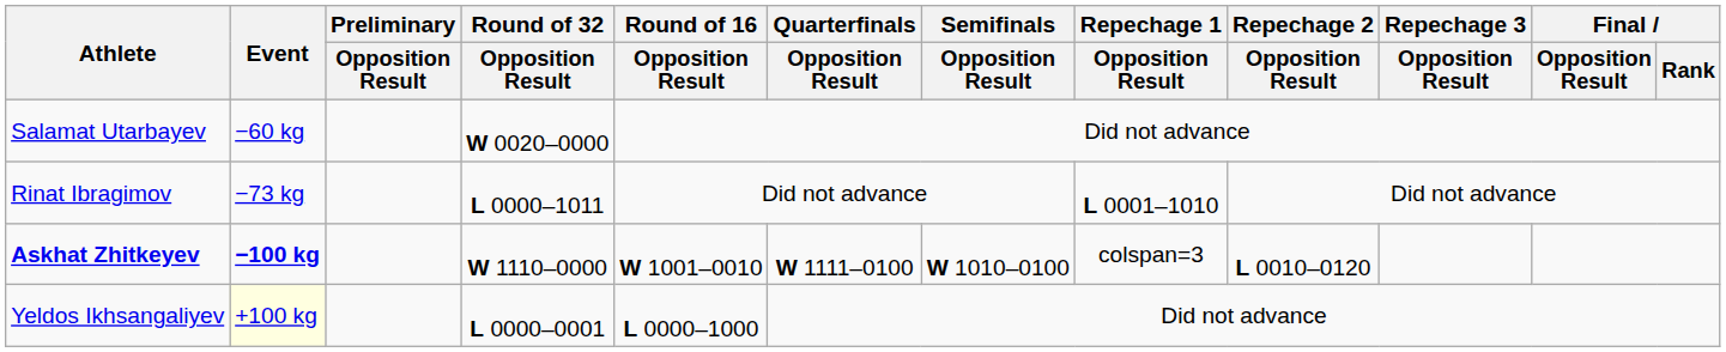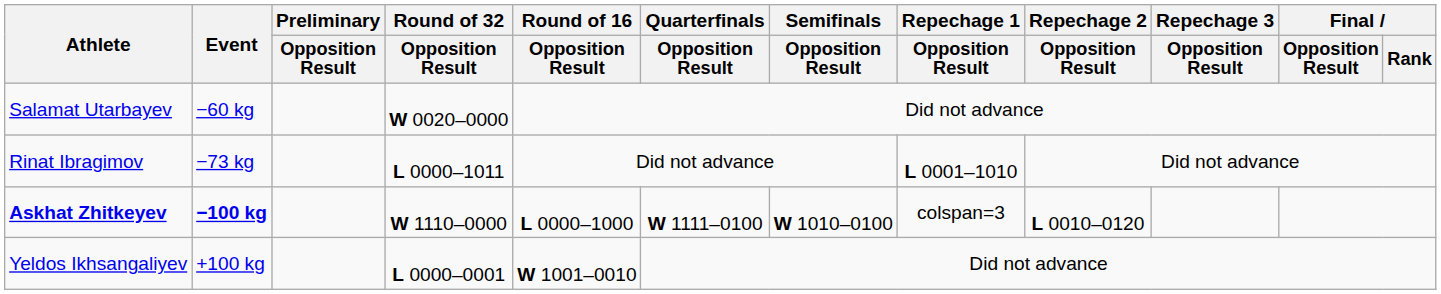 <table class="wikitable" style="font-size:90%">
 <tr>
 <th rowspan="2">Athlete</th>
 <th rowspan="2">Event</th>
 <th>Preliminary</th>
 <th>Round of 32</th>
 <th>Round of 16</th>
 <th>Quarterfinals</th>
 <th>Semifinals</th>
 <th>Repechage 1</th>
 <th>Repechage 2</th>
 <th>Repechage 3</th>
 <th colspan=2>Final / </th>
 </tr>
 <tr style="font-size:95%">
 <th>Opposition<br>Result</th>
 <th>Opposition<br>Result</th>
 <th>Opposition<br>Result</th>
 <th>Opposition<br>Result</th>
 <th>Opposition<br>Result</th>
 <th>Opposition<br>Result</th>
 <th>Opposition<br>Result</th>
 <th>Opposition<br>Result</th>
 <th>Opposition<br>Result</th>
 <th>Rank</th>
 </tr>
 <tr align=center>
 <td align=left><a href='#'>Salamat Utarbayev</a></td>
 <td align=left><a href='#'>−60 kg</a></td>
 <td></td>
 <td><br><strong>W</strong> 0020–0000</td>
 <td colspan=8>Did not advance</td>
 </tr>
 <tr align=center>
 <td align=left><a href='#'>Rinat Ibragimov</a></td>
 <td align=left><a href='#'>−73 kg</a></td>
 <td></td>
 <td><br><strong>L</strong> 0000–1011</td>
 <td colspan=3>Did not advance</td>
 <td><br> <strong>L</strong> 0001–1010</td>
 <td colspan=4>Did not advance</td>
 </tr>
 <tr align=center>
 <td align=left><strong><a href='#'>Askhat Zhitkeyev</a></strong></td>
 <td align=left><strong><a href='#'>−100 kg</a></strong></td>
 <td></td>
 <td><br><strong>W</strong> 1110–0000</td>
-<td><br><strong>W</strong> 1001–0010</td>
+<td><br><strong>L</strong> 0000–1000</td>
 <td><br><strong>W</strong> 1111–0100</td>
 <td><br><strong>W</strong> 1010–0100</td>
 <td>colspan=3 </td>
 <td><br><strong>L</strong> 0010–0120</td>
 <td></td>
 </tr>
 <tr align=center>
 <td align=left><a href='#'>Yeldos Ikhsangaliyev</a></td>
-<td align=left style="background: lightyellow;"><a href='#'>+100 kg</a></td>
+<td align=left><a href='#'>+100 kg</a></td>
 <td></td>
 <td><br><strong>L</strong> 0000–0001</td>
-<td><br><strong>L</strong> 0000–1000</td>
+<td><br><strong>W</strong> 1001–0010</td>
 <td colspan=7>Did not advance</td>
 </tr>
 </table>
